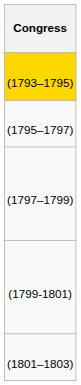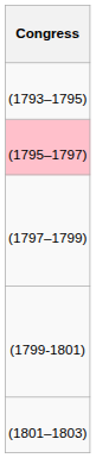 <table class="wikitable" style="float:left; margin:0; margin-right:-0.5px; margin-top:14px; text-align:center;">
 <tr style="white-space:nowrap; height:4.1em;">
 <th>Congress</th>
 </tr>
 <tr style="white-space:nowrap; height:4.1em;">
-<td style="background: gold;"><strong></strong><br>(1793–1795)</td>
+<td><strong></strong><br>(1793–1795)</td>
 </tr>
 <tr style="white-space:nowrap; height:4em">
-<td><strong></strong><br>(1795–1797)</td>
+<td style="background: pink;"><strong></strong><br>(1795–1797)</td>
 </tr>
 <tr style="white-space:nowrap; height:8em">
 <td><strong></strong><br>(1797–1799)</td>
 </tr>
 <tr style="white-space:nowrap; height:8em">
 <td><strong></strong><br>(1799-1801)</td>
 </tr>
 <tr style="white-space:nowrap; height:4em">
 <td><strong></strong><br>(1801–1803)</td>
 </tr>
 </table>
